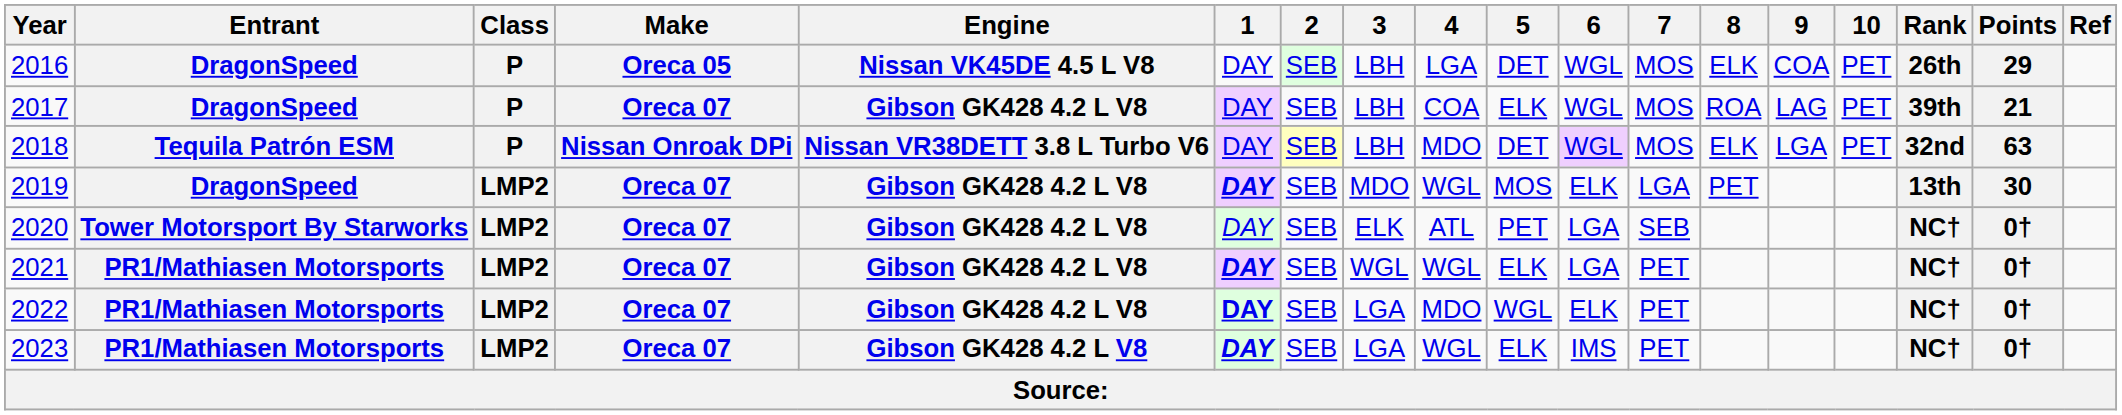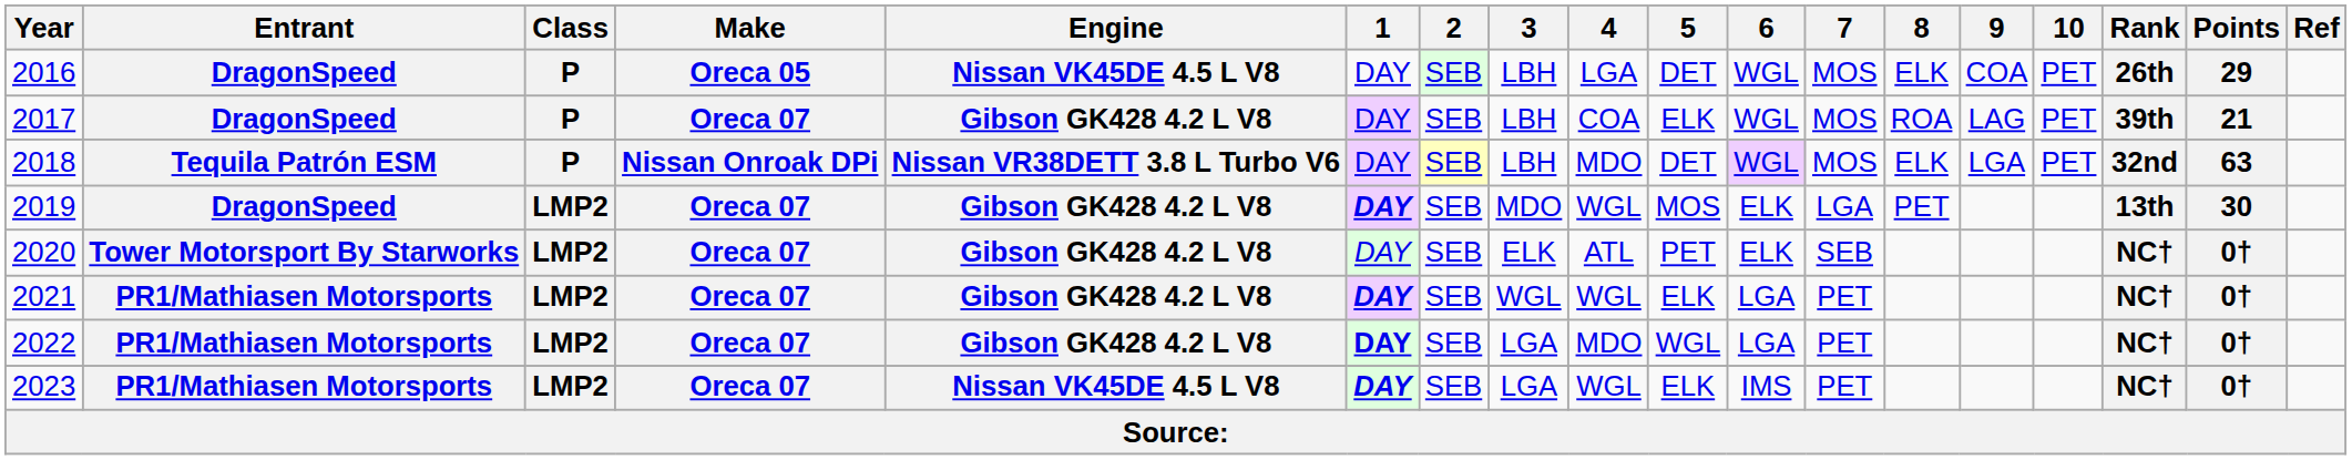 <table class="wikitable" style="text-align:center; font-size:85%">
 <tr>
 <th>Year</th>
 <th>Entrant</th>
 <th>Class</th>
 <th>Make</th>
 <th>Engine</th>
 <th>1</th>
 <th>2</th>
 <th>3</th>
 <th>4</th>
 <th>5</th>
 <th>6</th>
 <th>7</th>
 <th>8</th>
 <th>9</th>
 <th>10</th>
 <th>Rank</th>
 <th>Points</th>
 <th>Ref</th>
 </tr>
 <tr>
 <td><a href='#'>2016</a></td>
 <th><a href='#'>DragonSpeed</a></th>
 <th>P</th>
 <th nowrap><a href='#'>Oreca 05</a></th>
 <th nowrap><a href='#'>Nissan VK45DE</a> 4.5 L V8</th>
 <td><a href='#'>DAY</a></td>
 <td style="background:#DFFFDF;"><a href='#'>SEB</a><br></td>
 <td><a href='#'>LBH</a></td>
 <td><a href='#'>LGA</a></td>
 <td><a href='#'>DET</a></td>
 <td><a href='#'>WGL</a></td>
 <td><a href='#'>MOS</a></td>
 <td><a href='#'>ELK</a></td>
 <td><a href='#'>COA</a></td>
 <td><a href='#'>PET</a></td>
 <th>26th</th>
 <th>29</th>
 <td></td>
 </tr>
 <tr>
 <td><a href='#'>2017</a></td>
 <th><a href='#'>DragonSpeed</a></th>
 <th>P</th>
 <th nowrap><a href='#'>Oreca 07</a></th>
 <th nowrap><a href='#'>Gibson</a> GK428 4.2 L V8</th>
 <td style="background:#EFCFFF;"><a href='#'>DAY</a><br></td>
 <td><a href='#'>SEB</a></td>
 <td><a href='#'>LBH</a></td>
 <td><a href='#'>COA</a></td>
 <td><a href='#'>ELK</a></td>
 <td><a href='#'>WGL</a></td>
 <td><a href='#'>MOS</a></td>
 <td><a href='#'>ROA</a></td>
 <td><a href='#'>LAG</a></td>
 <td><a href='#'>PET</a></td>
 <th>39th</th>
 <th>21</th>
 <td></td>
 </tr>
 <tr>
 <td><a href='#'>2018</a></td>
 <th nowrap><a href='#'>Tequila Patrón ESM</a></th>
 <th>P</th>
 <th nowrap><a href='#'>Nissan Onroak DPi</a></th>
 <th nowrap><a href='#'>Nissan VR38DETT</a> 3.8 L Turbo V6</th>
 <td style="background:#EFCFFF;"><a href='#'>DAY</a><br></td>
 <td style="background:#FFFFBF;"><a href='#'>SEB</a><br></td>
 <td><a href='#'>LBH</a></td>
 <td><a href='#'>MDO</a></td>
 <td><a href='#'>DET</a></td>
 <td style="background:#EFCFFF;"><a href='#'>WGL</a><br></td>
 <td><a href='#'>MOS</a></td>
 <td><a href='#'>ELK</a></td>
 <td><a href='#'>LGA</a></td>
 <td><a href='#'>PET</a></td>
 <th>32nd</th>
 <th>63</th>
 <td></td>
 </tr>
 <tr>
 <td><a href='#'>2019</a></td>
 <th><a href='#'>DragonSpeed</a></th>
 <th>LMP2</th>
 <th nowrap><a href='#'>Oreca 07</a></th>
 <th nowrap><a href='#'>Gibson</a> GK428 4.2 L V8</th>
 <td style="background:#EFCFFF;"><strong><em><a href='#'>DAY</a></em></strong><br></td>
 <td><a href='#'>SEB</a></td>
 <td><a href='#'>MDO</a></td>
 <td><a href='#'>WGL</a></td>
 <td><a href='#'>MOS</a></td>
 <td><a href='#'>ELK</a></td>
 <td><a href='#'>LGA</a></td>
 <td><a href='#'>PET</a></td>
 <td></td>
 <td></td>
 <th>13th</th>
 <th>30</th>
 <td></td>
 </tr>
 <tr>
 <td><a href='#'>2020</a></td>
 <th nowrap><a href='#'>Tower Motorsport By Starworks</a></th>
 <th>LMP2</th>
 <th nowrap><a href='#'>Oreca 07</a></th>
 <th nowrap><a href='#'>Gibson</a> GK428 4.2 L V8</th>
 <td style="background:#DFFFDF;"><em><a href='#'>DAY</a></em><br></td>
 <td><a href='#'>SEB</a><br></td>
 <td><a href='#'>ELK</a><br></td>
 <td><a href='#'>ATL</a><br></td>
 <td><a href='#'>PET</a><br></td>
-<td><a href='#'>LGA</a><br></td>
+<td><a href='#'>ELK</a></td>
 <td><a href='#'>SEB</a><br></td>
 <td></td>
 <td></td>
 <td></td>
 <th>NC†</th>
 <th>0†</th>
 <td></td>
 </tr>
 <tr>
 <td><a href='#'>2021</a></td>
 <th nowrap><a href='#'>PR1/Mathiasen Motorsports</a></th>
 <th>LMP2</th>
 <th nowrap><a href='#'>Oreca 07</a></th>
 <th nowrap><a href='#'>Gibson</a> GK428 4.2 L V8</th>
 <td style="background:#EFCFFF;"><strong><em><a href='#'>DAY</a></em></strong><br></td>
 <td><a href='#'>SEB</a></td>
 <td><a href='#'>WGL</a></td>
 <td><a href='#'>WGL</a></td>
 <td><a href='#'>ELK</a></td>
 <td><a href='#'>LGA</a></td>
 <td><a href='#'>PET</a></td>
 <td></td>
 <td></td>
 <td></td>
 <th>NC†</th>
 <th>0†</th>
 <td></td>
 </tr>
 <tr>
 <td><a href='#'>2022</a></td>
 <th nowrap><a href='#'>PR1/Mathiasen Motorsports</a></th>
 <th>LMP2</th>
 <th nowrap><a href='#'>Oreca 07</a></th>
 <th nowrap><a href='#'>Gibson</a> GK428 4.2 L V8</th>
 <td style="background:#DFFFDF;"><strong><a href='#'>DAY</a></strong><br></td>
 <td><a href='#'>SEB</a></td>
 <td><a href='#'>LGA</a></td>
 <td><a href='#'>MDO</a></td>
 <td><a href='#'>WGL</a></td>
-<td><a href='#'>ELK</a></td>
+<td><a href='#'>LGA</a><br></td>
 <td><a href='#'>PET</a></td>
 <td></td>
 <td></td>
 <td></td>
 <th>NC†</th>
 <th>0†</th>
 <td></td>
 </tr>
 <tr>
 <td><a href='#'>2023</a></td>
 <th nowrap><a href='#'>PR1/Mathiasen Motorsports</a></th>
 <th>LMP2</th>
 <th nowrap><a href='#'>Oreca 07</a></th>
-<th nowrap><a href='#'>Gibson</a> GK428 4.2 L <a href='#'>V8</a></th>
+<th nowrap><a href='#'>Nissan VK45DE</a> 4.5 L V8</th>
 <td style="background:#DFFFDF;"><strong><em><a href='#'>DAY</a></em></strong><br></td>
 <td><a href='#'>SEB</a></td>
 <td><a href='#'>LGA</a></td>
 <td><a href='#'>WGL</a></td>
 <td><a href='#'>ELK</a></td>
 <td><a href='#'>IMS</a></td>
 <td><a href='#'>PET</a></td>
 <td></td>
 <td></td>
 <td></td>
 <th>NC†</th>
 <th>0†</th>
 <td></td>
 </tr>
 <tr>
 <th colspan="18">Source:</th>
 </tr>
 </table>
